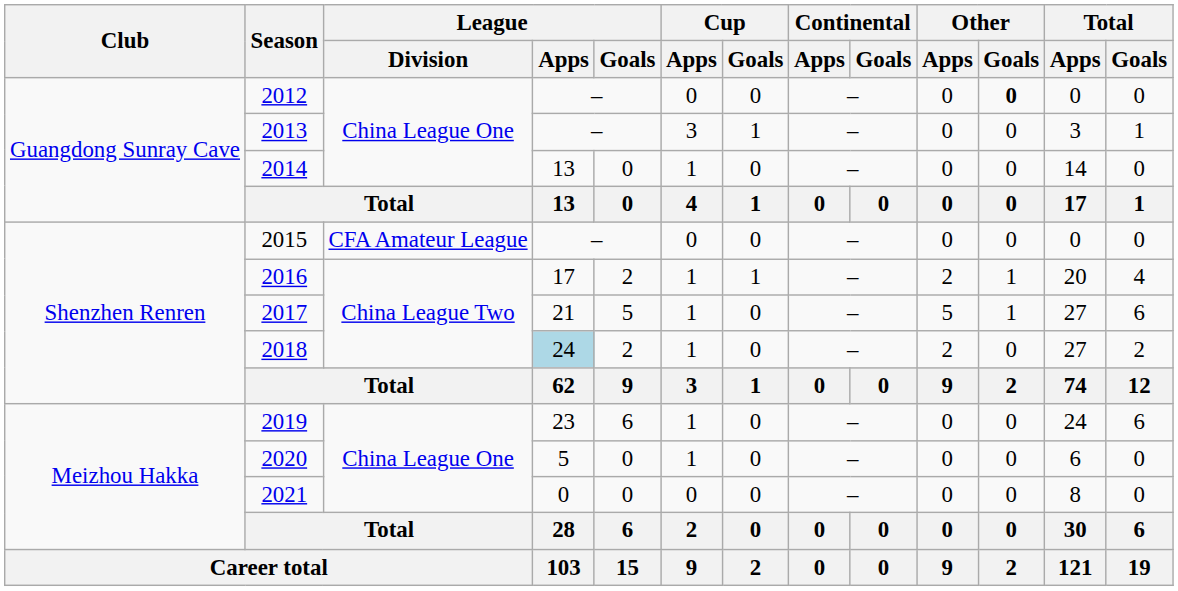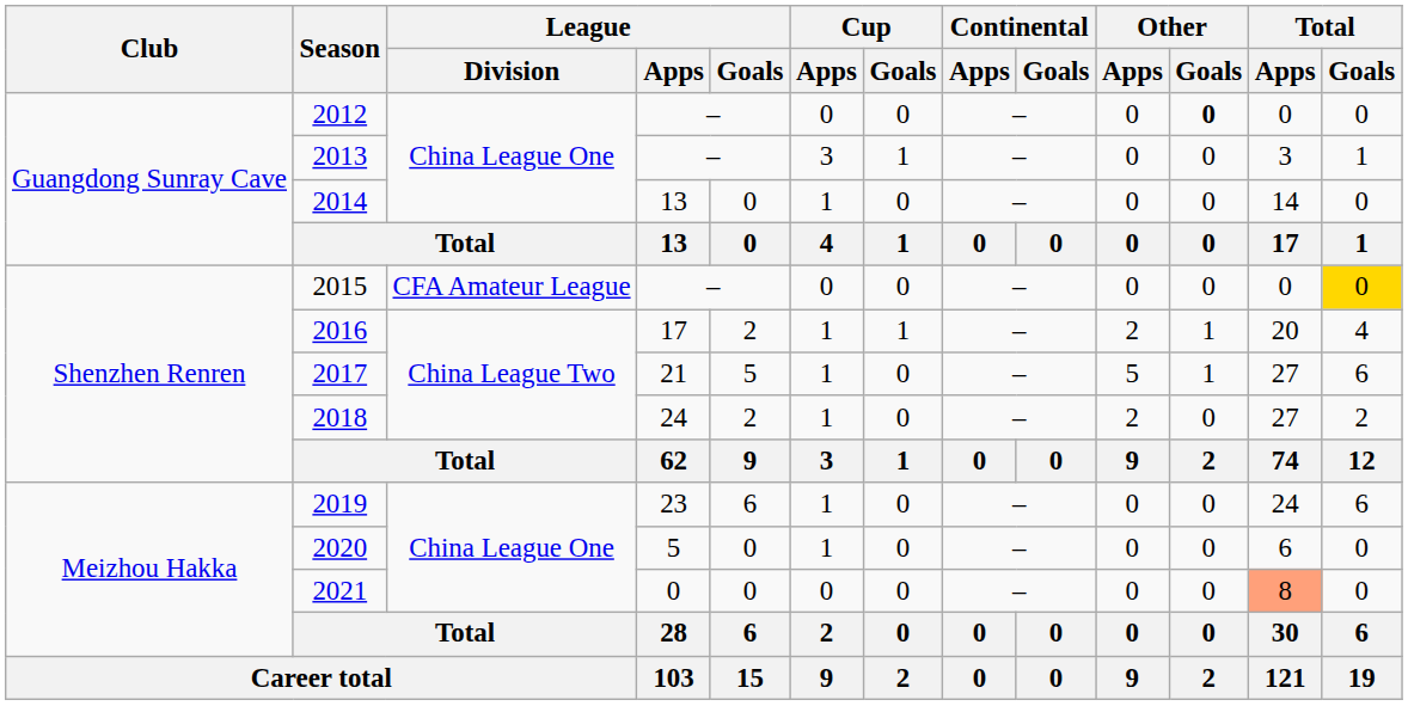 <table class="wikitable" style="text-align: center">
 <tr>
 <th rowspan="2">Club</th>
 <th rowspan="2">Season</th>
 <th colspan="3">League</th>
 <th colspan="2">Cup</th>
 <th colspan="2">Continental</th>
 <th colspan="2">Other</th>
 <th colspan="2">Total</th>
 </tr>
 <tr>
 <th>Division</th>
 <th>Apps</th>
 <th>Goals</th>
 <th>Apps</th>
 <th>Goals</th>
 <th>Apps</th>
 <th>Goals</th>
 <th>Apps</th>
 <th>Goals</th>
 <th>Apps</th>
 <th>Goals</th>
 </tr>
 <tr>
 <td rowspan="4"><a href='#'>Guangdong Sunray Cave</a></td>
 <td><a href='#'>2012</a></td>
 <td rowspan="3"><a href='#'>China League One</a></td>
 <td colspan="2">–</td>
 <td>0</td>
 <td>0</td>
 <td colspan="2">–</td>
 <td>0</td>
 <td><strong>0</strong></td>
 <td>0</td>
 <td>0</td>
 </tr>
 <tr>
 <td><a href='#'>2013</a></td>
 <td colspan="2">–</td>
 <td>3</td>
 <td>1</td>
 <td colspan="2">–</td>
 <td>0</td>
 <td>0</td>
 <td>3</td>
 <td>1</td>
 </tr>
 <tr>
 <td><a href='#'>2014</a></td>
 <td>13</td>
 <td>0</td>
 <td>1</td>
 <td>0</td>
 <td colspan="2">–</td>
 <td>0</td>
 <td>0</td>
 <td>14</td>
 <td>0</td>
 </tr>
 <tr>
 <th colspan=2>Total</th>
 <th>13</th>
 <th>0</th>
 <th>4</th>
 <th>1</th>
 <th>0</th>
 <th>0</th>
 <th>0</th>
 <th>0</th>
 <th>17</th>
 <th>1</th>
 </tr>
 <tr>
 <td rowspan="5"><a href='#'>Shenzhen Renren</a></td>
 <td>2015</td>
 <td><a href='#'>CFA Amateur League</a></td>
 <td colspan="2">–</td>
 <td>0</td>
 <td>0</td>
 <td colspan="2">–</td>
 <td>0</td>
 <td>0</td>
 <td>0</td>
-<td>0</td>
+<td style="background: gold;">0</td>
 </tr>
 <tr>
 <td><a href='#'>2016</a></td>
 <td rowspan="3"><a href='#'>China League Two</a></td>
 <td>17</td>
 <td>2</td>
 <td>1</td>
 <td>1</td>
 <td colspan="2">–</td>
 <td>2</td>
 <td>1</td>
 <td>20</td>
 <td>4</td>
 </tr>
 <tr>
 <td><a href='#'>2017</a></td>
 <td>21</td>
 <td>5</td>
 <td>1</td>
 <td>0</td>
 <td colspan="2">–</td>
 <td>5</td>
 <td>1</td>
 <td>27</td>
 <td>6</td>
 </tr>
 <tr>
 <td><a href='#'>2018</a></td>
-<td style="background: lightblue;">24</td>
+<td>24</td>
 <td>2</td>
 <td>1</td>
 <td>0</td>
 <td colspan="2">–</td>
 <td>2</td>
 <td>0</td>
 <td>27</td>
 <td>2</td>
 </tr>
 <tr>
 <th colspan=2>Total</th>
 <th>62</th>
 <th>9</th>
 <th>3</th>
 <th>1</th>
 <th>0</th>
 <th>0</th>
 <th>9</th>
 <th>2</th>
 <th>74</th>
 <th>12</th>
 </tr>
 <tr>
 <td rowspan="4"><a href='#'>Meizhou Hakka</a></td>
 <td><a href='#'>2019</a></td>
 <td rowspan="3"><a href='#'>China League One</a></td>
 <td>23</td>
 <td>6</td>
 <td>1</td>
 <td>0</td>
 <td colspan="2">–</td>
 <td>0</td>
 <td>0</td>
 <td>24</td>
 <td>6</td>
 </tr>
 <tr>
 <td><a href='#'>2020</a></td>
 <td>5</td>
 <td>0</td>
 <td>1</td>
 <td>0</td>
 <td colspan="2">–</td>
 <td>0</td>
 <td>0</td>
 <td>6</td>
 <td>0</td>
 </tr>
 <tr>
 <td><a href='#'>2021</a></td>
 <td>0</td>
 <td>0</td>
 <td>0</td>
 <td>0</td>
 <td colspan="2">–</td>
 <td>0</td>
 <td>0</td>
-<td>8</td>
+<td style="background: lightsalmon;">8</td>
 <td>0</td>
 </tr>
 <tr>
 <th colspan=2>Total</th>
 <th>28</th>
 <th>6</th>
 <th>2</th>
 <th>0</th>
 <th>0</th>
 <th>0</th>
 <th>0</th>
 <th>0</th>
 <th>30</th>
 <th>6</th>
 </tr>
 <tr>
 <th colspan=3>Career total</th>
 <th>103</th>
 <th>15</th>
 <th>9</th>
 <th>2</th>
 <th>0</th>
 <th>0</th>
 <th>9</th>
 <th>2</th>
 <th>121</th>
 <th>19</th>
 </tr>
 </table>
